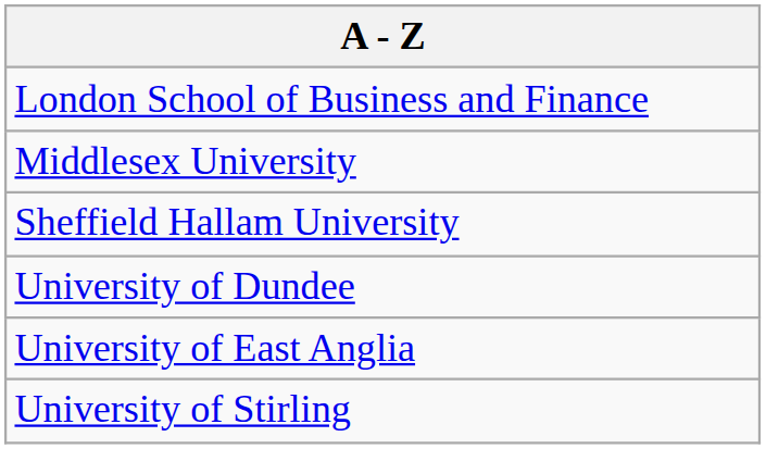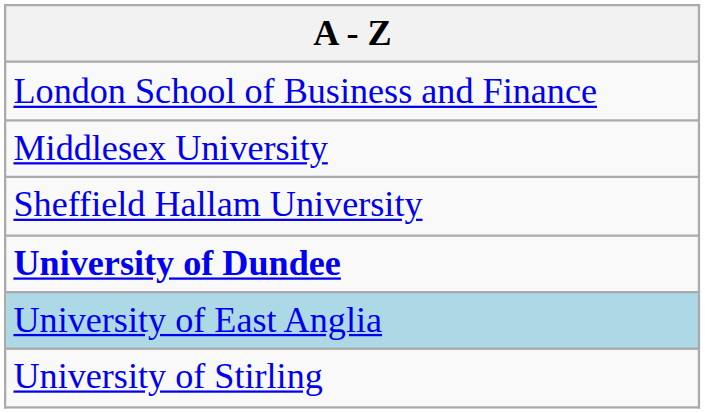 <table class="wikitable collapsible">
 <tr>
 <th scope="col" width="300" align="center">A - Z</th>
 </tr>
 <tr>
 <td><a href='#'>London School of Business and Finance</a></td>
 </tr>
 <tr>
 <td><a href='#'>Middlesex University</a></td>
 </tr>
 <tr>
 <td><a href='#'>Sheffield Hallam University</a></td>
 </tr>
 <tr>
-<td><a href='#'>University of Dundee</a></td>
+<td><strong><a href='#'>University of Dundee</a></strong></td>
 </tr>
 <tr>
-<td><a href='#'>University of East Anglia</a></td>
+<td style="background: lightblue;"><a href='#'>University of East Anglia</a></td>
 </tr>
 <tr>
 <td><a href='#'>University of Stirling</a></td>
 </tr>
 </table>
